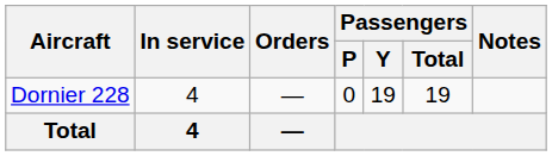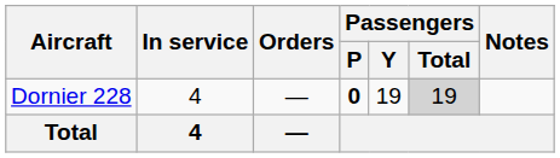 <table class="wikitable" style="margin:1em auto; border-collapse:collapse;text-align:center">
 <tr>
 <th rowspan="2">Aircraft</th>
 <th rowspan="2">In service</th>
 <th rowspan="2">Orders</th>
 <th colspan="3">Passengers</th>
 <th rowspan="2">Notes</th>
 </tr>
 <tr>
 <th><abbr>P</abbr></th>
 <th><abbr>Y</abbr></th>
 <th>Total</th>
 </tr>
 <tr>
 <td><a href='#'>Dornier 228</a></td>
 <td>4</td>
 <td>—</td>
-<td>0</td>
+<td><strong>0</strong></td>
 <td>19</td>
-<td>19</td>
+<td style="background: lightgrey;">19</td>
 <td></td>
 </tr>
 <tr>
 <th>Total</th>
 <th>4</th>
 <th>—</th>
 <th colspan="4"></th>
 </tr>
 </table>
